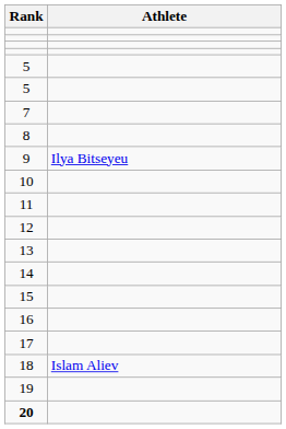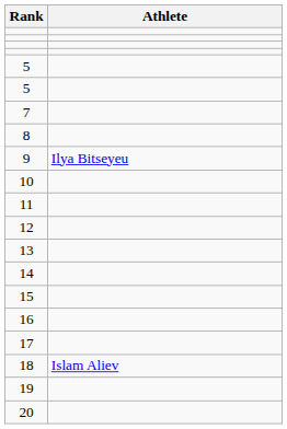 <table class="wikitable" style="text-align: center;">
 <tr>
 <th width=40>Rank</th>
 <th width=250>Athlete</th>
 </tr>
 <tr>
 <td></td>
 <td align="left"></td>
 </tr>
 <tr>
 <td></td>
 <td align="left"></td>
 </tr>
 <tr>
 <td></td>
 <td align="left"></td>
 </tr>
 <tr>
 <td></td>
 <td align="left"></td>
 </tr>
 <tr>
 <td>5</td>
 <td align="left"></td>
 </tr>
 <tr>
 <td>5</td>
 <td align="left"></td>
 </tr>
 <tr>
 <td>7</td>
 <td align="left"></td>
 </tr>
 <tr>
 <td>8</td>
 <td align="left"></td>
 </tr>
 <tr>
 <td>9</td>
 <td align="left"> <a href='#'>Ilya Bitseyeu</a> </td>
 </tr>
 <tr>
 <td>10</td>
 <td align="left"></td>
 </tr>
 <tr>
 <td>11</td>
 <td align="left"></td>
 </tr>
 <tr>
 <td>12</td>
 <td align="left"></td>
 </tr>
 <tr>
 <td>13</td>
 <td align="left"></td>
 </tr>
 <tr>
 <td>14</td>
 <td align="left"></td>
 </tr>
 <tr>
 <td>15</td>
 <td align="left"></td>
 </tr>
 <tr>
 <td>16</td>
 <td align="left"></td>
 </tr>
 <tr>
 <td>17</td>
 <td align="left"></td>
 </tr>
 <tr>
 <td>18</td>
 <td align="left"> <a href='#'>Islam Aliev</a> </td>
 </tr>
 <tr>
 <td>19</td>
 <td align="left"></td>
 </tr>
 <tr>
-<td><strong>20</strong></td>
+<td>20</td>
 <td align="left"></td>
 </tr>
 </table>
